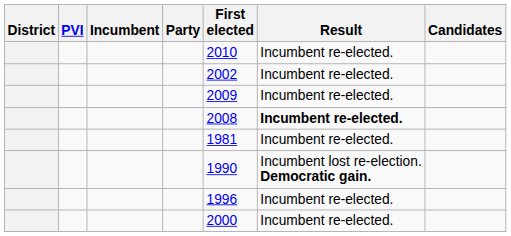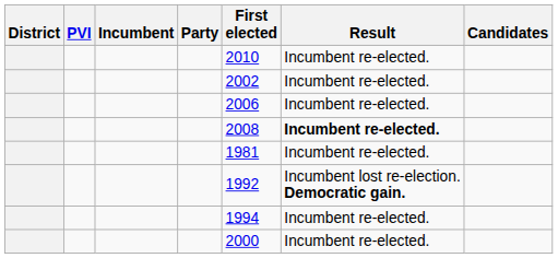 <table class="wikitable sortable">
 <tr valign=bottom>
 <th>District</th>
 <th><a href='#'>PVI</a></th>
 <th>Incumbent</th>
 <th>Party</th>
 <th>First<br>elected</th>
 <th>Result</th>
 <th>Candidates</th>
 </tr>
 <tr>
 <th></th>
 <td></td>
 <td></td>
 <td></td>
 <td><a href='#'>2010</a></td>
 <td>Incumbent re-elected.</td>
 <td nowrap></td>
 </tr>
 <tr>
 <th></th>
 <td></td>
 <td></td>
 <td></td>
 <td><a href='#'>2002</a></td>
 <td>Incumbent re-elected.</td>
 <td nowrap></td>
 </tr>
 <tr>
 <th></th>
 <td></td>
 <td></td>
 <td></td>
-<td><a href='#'>2009</a></td>
+<td><a href='#'>2006</a></td>
 <td>Incumbent re-elected.</td>
 <td nowrap></td>
 </tr>
 <tr>
 <th></th>
 <td></td>
 <td></td>
 <td></td>
 <td><a href='#'>2008 </a></td>
 <td><strong>Incumbent re-elected.</strong></td>
 <td nowrap></td>
 </tr>
 <tr>
 <th></th>
 <td></td>
 <td></td>
 <td></td>
 <td><a href='#'>1981 </a></td>
 <td>Incumbent re-elected.</td>
 <td nowrap></td>
 </tr>
 <tr>
 <th></th>
 <td></td>
 <td></td>
 <td></td>
-<td><a href='#'>1990</a></td>
+<td><a href='#'>1992</a></td>
 <td>Incumbent lost re-election.<br><strong>Democratic gain.</strong></td>
 <td nowrap></td>
 </tr>
 <tr>
 <th></th>
 <td></td>
 <td></td>
 <td></td>
-<td><a href='#'>1996</a></td>
+<td><a href='#'>1994</a></td>
 <td>Incumbent re-elected.</td>
 <td nowrap></td>
 </tr>
 <tr>
 <th></th>
 <td></td>
 <td></td>
 <td></td>
 <td><a href='#'>2000</a></td>
 <td>Incumbent re-elected.</td>
 <td nowrap></td>
 </tr>
 </table>
